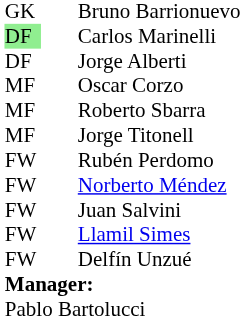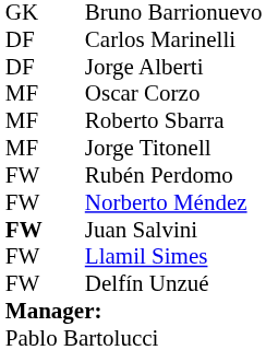 <table style="font-size:90%; margin:0.2em auto;" cellspacing="0" cellpadding="0">
 <tr>
 <th width="25"></th>
 <th width="25"></th>
 </tr>
 <tr>
 <td>GK</td>
 <td></td>
 <td> Bruno Barrionuevo</td>
 </tr>
 <tr>
-<td style="background: lightgreen;">DF</td>
+<td>DF</td>
 <td></td>
 <td> Carlos Marinelli</td>
 </tr>
 <tr>
 <td>DF</td>
 <td></td>
 <td> Jorge Alberti</td>
 </tr>
 <tr>
 <td>MF</td>
 <td></td>
 <td> Oscar Corzo</td>
 </tr>
 <tr>
 <td>MF</td>
 <td></td>
 <td> Roberto Sbarra</td>
 </tr>
 <tr>
 <td>MF</td>
 <td></td>
 <td> Jorge Titonell</td>
 </tr>
 <tr>
 <td>FW</td>
 <td></td>
 <td> Rubén Perdomo</td>
 </tr>
 <tr>
 <td>FW</td>
 <td></td>
 <td> <a href='#'>Norberto Méndez</a></td>
 </tr>
 <tr>
-<td>FW</td>
+<td><strong>FW</strong></td>
 <td></td>
 <td> Juan Salvini</td>
 </tr>
 <tr>
 <td>FW</td>
 <td></td>
 <td> <a href='#'>Llamil Simes</a></td>
 </tr>
 <tr>
 <td>FW</td>
 <td></td>
 <td> Delfín Unzué</td>
 </tr>
 <tr>
 <td colspan=4><strong>Manager:</strong></td>
 </tr>
 <tr>
 <td colspan="4"> Pablo Bartolucci</td>
 </tr>
 </table>
